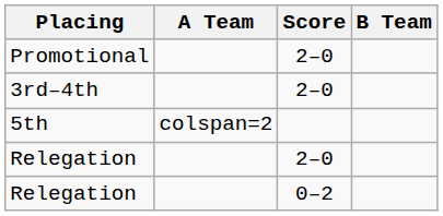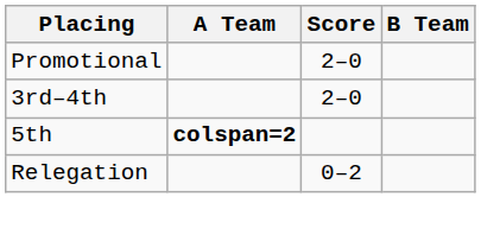 <table class=wikitable style="border:1px solid #AAAAAA;">
 <tr>
 <th>Placing</th>
 <th>A Team</th>
 <th>Score</th>
 <th>B Team</th>
 </tr>
 <tr>
 <td>Promotional</td>
 <td><strong></strong></td>
 <td align="center">2–0</td>
 <td></td>
 </tr>
 <tr>
 <td>3rd–4th</td>
 <td><strong></strong></td>
 <td align="center">2–0</td>
 <td></td>
 </tr>
 <tr>
 <td>5th</td>
-<td>colspan=2 </td>
+<td><strong>colspan=2 </strong></td>
 <td></td>
-</tr>
-<tr>
-<td>Relegation</td>
-<td><strong></strong></td>
-<td align="center">2–0</td>
-<td><em></em></td>
 </tr>
 <tr>
 <td>Relegation</td>
 <td><em></em></td>
 <td align="center">0–2</td>
 <td><strong></strong></td>
 </tr>
 </table>
